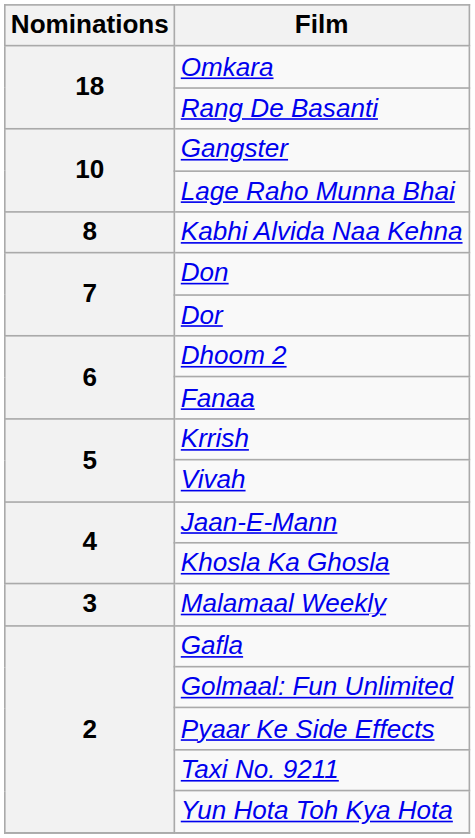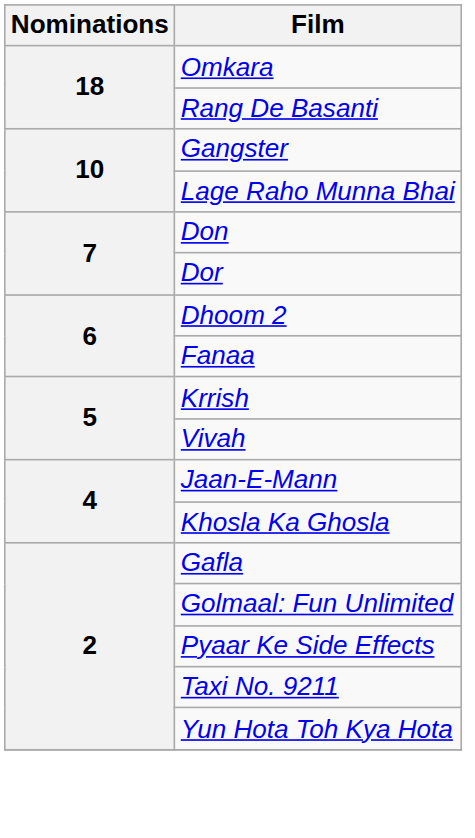 <table class="wikitable" style="display:inline-table;">
 <tr>
 <th>Nominations</th>
 <th>Film</th>
 </tr>
 <tr>
 <th rowspan="2">18</th>
 <td><em><a href='#'>Omkara</a></em></td>
 </tr>
 <tr>
 <td><em><a href='#'>Rang De Basanti</a></em></td>
 </tr>
 <tr>
 <th rowspan="2">10</th>
 <td><em><a href='#'>Gangster</a></em></td>
 </tr>
 <tr>
 <td><em><a href='#'>Lage Raho Munna Bhai</a></em></td>
-</tr>
-<tr>
-<th>8</th>
-<td><em><a href='#'>Kabhi Alvida Naa Kehna</a></em></td>
 </tr>
 <tr>
 <th rowspan="2">7</th>
 <td><em><a href='#'>Don</a></em></td>
 </tr>
 <tr>
 <td><em><a href='#'>Dor</a></em></td>
 </tr>
 <tr>
 <th rowspan="2">6</th>
 <td><em><a href='#'>Dhoom 2</a></em></td>
 </tr>
 <tr>
 <td><em><a href='#'>Fanaa</a></em></td>
 </tr>
 <tr>
 <th rowspan="2">5</th>
 <td><em><a href='#'>Krrish</a></em></td>
 </tr>
 <tr>
 <td><em><a href='#'>Vivah</a></em></td>
 </tr>
 <tr>
 <th rowspan="2">4</th>
 <td><em><a href='#'>Jaan-E-Mann</a></em></td>
 </tr>
 <tr>
 <td><em><a href='#'>Khosla Ka Ghosla</a></em></td>
 </tr>
 <tr>
-<th>3</th>
-<td><em><a href='#'>Malamaal Weekly</a></em></td>
-</tr>
-<tr>
 <th rowspan="5">2</th>
 <td><em><a href='#'>Gafla</a></em></td>
 </tr>
 <tr>
 <td><em><a href='#'>Golmaal: Fun Unlimited</a></em></td>
 </tr>
 <tr>
 <td><em><a href='#'>Pyaar Ke Side Effects</a></em></td>
 </tr>
 <tr>
 <td><em><a href='#'>Taxi No. 9211</a></em></td>
 </tr>
 <tr>
 <td><em><a href='#'>Yun Hota Toh Kya Hota</a></em></td>
 </tr>
 <tr>
 </tr>
 </table>
